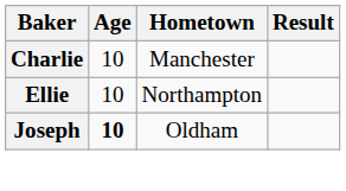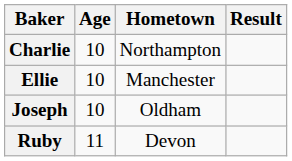 <table class="wikitable sortable" style="display:inline-table; text-align:center">
 <tr>
 <th scope="col">Baker</th>
 <th scope="col">Age</th>
 <th scope="col">Hometown</th>
 <th scope="col">Result</th>
 </tr>
 <tr>
 <th scope="row">Charlie</th>
 <td>10</td>
-<td>Manchester</td>
+<td>Northampton</td>
 <td></td>
 </tr>
 <tr>
 <th scope="row">Ellie</th>
 <td>10</td>
-<td>Northampton</td>
+<td>Manchester</td>
 <td></td>
 </tr>
 <tr>
 <th scope="row">Joseph</th>
-<td><strong>10</strong></td>
+<td>10</td>
 <td>Oldham</td>
 <td></td>
 </tr>
+<tr>
+<th scope="row">Ruby</th>
+<td>11</td>
+<td>Devon</td>
+<td></td>
+</tr>
 </table>
